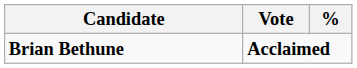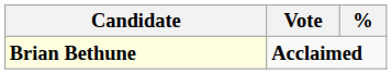 <table class="wikitable">
 <tr>
 <th bgcolor="#DDDDFF" width="200px">Candidate</th>
 <th bgcolor="#DDDDFF" width="50px">Vote</th>
 <th bgcolor="#DDDDFF" width="30px">%</th>
 </tr>
 <tr>
-<td><strong>Brian Bethune</strong></td>
+<td style="background: lightyellow;"><strong>Brian Bethune</strong></td>
 <td colspan="2"><strong>Acclaimed</strong></td>
 </tr>
 </table>
